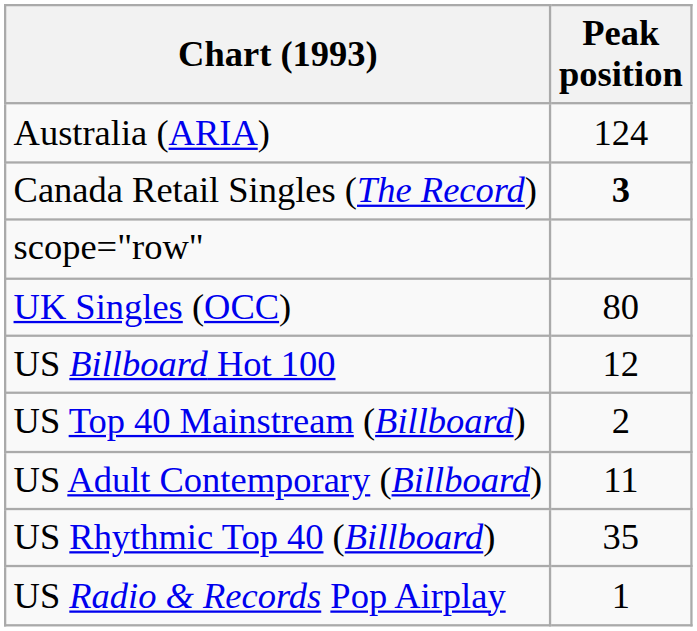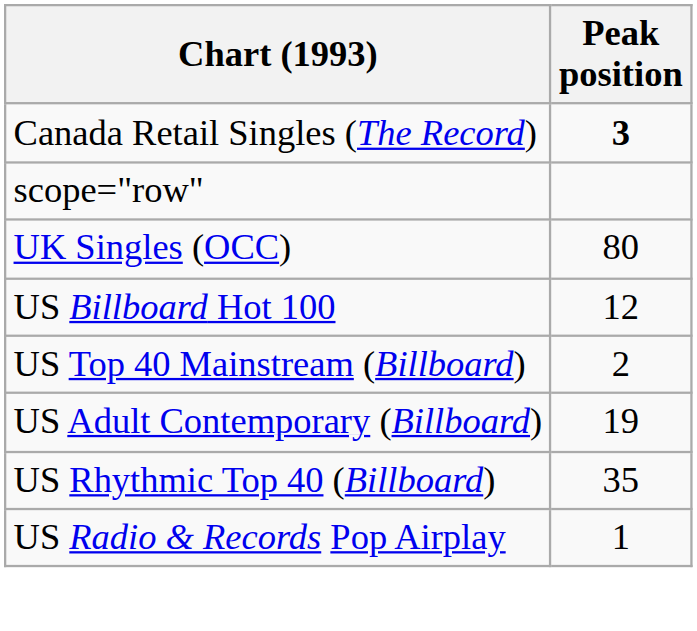 <table class="wikitable sortable style=text-align:center">
 <tr>
 <th>Chart (1993)</th>
 <th>Peak<br>position</th>
-</tr>
-<tr>
-<td scope="row">Australia (<a href='#'>ARIA</a>)</td>
-<td align="center">124</td>
 </tr>
 <tr>
 <td scope="row">Canada Retail Singles (<em><a href='#'>The Record</a></em>)</td>
 <td align="center"><strong>3</strong></td>
 </tr>
 <tr>
 <td>scope="row"</td>
 </tr>
 <tr>
 <td scope="row"><a href='#'>UK Singles</a> (<a href='#'>OCC</a>)</td>
 <td align="center">80</td>
 </tr>
 <tr>
 <td scope="row">US <a href='#'><em>Billboard</em> Hot 100</a></td>
 <td align="center">12</td>
 </tr>
 <tr>
 <td scope="row">US <a href='#'>Top 40 Mainstream</a> (<em><a href='#'>Billboard</a></em>)</td>
 <td align="center">2</td>
 </tr>
 <tr>
 <td scope="row">US <a href='#'>Adult Contemporary</a> (<em><a href='#'>Billboard</a></em>)</td>
-<td align="center">11</td>
+<td align="center">19</td>
 </tr>
 <tr>
 <td scope="row">US <a href='#'>Rhythmic Top 40</a> (<em><a href='#'>Billboard</a></em>)</td>
 <td align="center">35</td>
 </tr>
 <tr>
 <td scope="row">US <em><a href='#'>Radio & Records</a></em> <a href='#'>Pop Airplay</a></td>
 <td align="center">1</td>
 </tr>
 </table>
